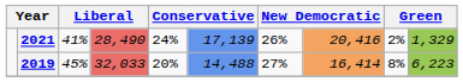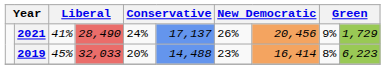 <table class="wikitable" style="float:right; width:400; font-size:90%; margin-left:1em;">
 <tr>
 <th colspan="2" scope="col">Year</th>
 <th colspan="2" scope="col"><a href='#'>Liberal</a></th>
 <th colspan="2" scope="col"><a href='#'>Conservative</a></th>
 <th colspan="2" scope="col"><a href='#'>New Democratic</a></th>
 <th colspan="2" scope="col"><a href='#'>Green</a></th>
 </tr>
 <tr>
 <td rowspan="2" style="width: 0.25em; background-color: "></td>
 <th><a href='#'>2021</a></th>
 <td><em>41%</em></td>
 <td style="text-align:right; background:#EA6D6A;"><em>28,490</em></td>
 <td>24%</td>
-<td style="text-align:right; background:#6495ED;"><em>17,139</em></td>
+<td style="text-align:right; background:#6495ED;"><em>17,137</em></td>
 <td>26%</td>
-<td style="text-align:right; background:#F4A460;"><em>20,416</em></td>
-<td>2%</td>
-<td style="text-align:right; background:#99C955;"><em>1,329</em></td>
+<td style="text-align:right; background:#F4A460;"><em>20,456</em></td>
+<td>9%</td>
+<td style="text-align:right; background:#99C955;"><em>1,729</em></td>
 </tr>
 <tr>
 <th><a href='#'>2019</a></th>
 <td><em>45%</em></td>
 <td style="text-align:right; background:#EA6D6A;"><em>32,033</em></td>
 <td>20%</td>
 <td style="text-align:right; background:#6495ED;"><em>14,488</em></td>
-<td>27%</td>
+<td>23%</td>
 <td style="text-align:right; background:#F4A460;"><em>16,414</em></td>
 <td>8%</td>
 <td style="text-align:right; background:#99C955;"><em>6,223</em></td>
 </tr>
 <tr>
 </tr>
 </table>
